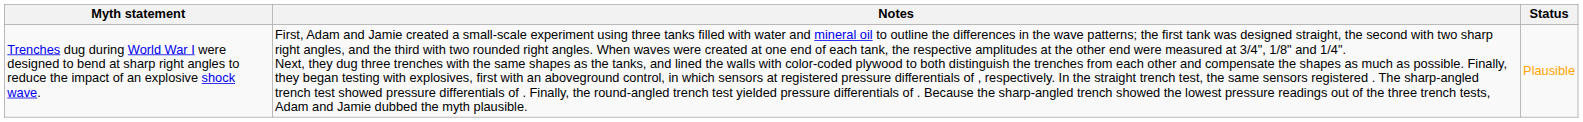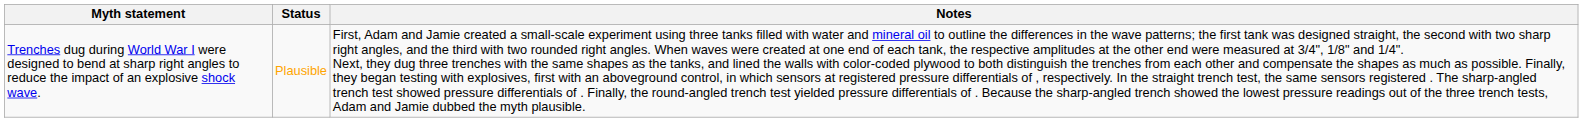 <table class="wikitable plainrowheaders">
 <tr>
 <th>Myth statement</th>
+<th>Status</th>
 <th>Notes</th>
-<th>Status</th>
 </tr>
 <tr>
 <td><a href='#'>Trenches</a> dug during <a href='#'>World War I</a> were designed to bend at sharp right angles to reduce the impact of an explosive <a href='#'>shock wave</a>.</td>
+<td style="color:orange">Plausible</td>
 <td>First, Adam and Jamie created a small-scale experiment using three tanks filled with water and <a href='#'>mineral oil</a> to outline the differences in the wave patterns; the first tank was designed straight, the second with two sharp right angles, and the third with two rounded right angles. When waves were created at one end of each tank, the respective amplitudes at the other end were measured at 3/4", 1/8" and 1/4".<br>Next, they dug three trenches with the same shapes as the tanks, and lined the walls with color-coded plywood to both distinguish the trenches from each other and compensate the shapes as much as possible. Finally, they began testing with explosives, first with an aboveground control, in which sensors at  registered pressure differentials of , respectively. In the straight trench test, the same sensors registered . The sharp-angled trench test showed pressure differentials of . Finally, the round-angled trench test yielded pressure differentials of . Because the sharp-angled trench showed the lowest pressure readings out of the three trench tests, Adam and Jamie dubbed the myth plausible.</td>
-<td style="color:orange">Plausible</td>
 </tr>
 </table>
